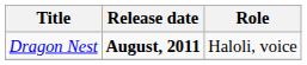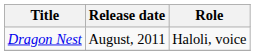 <table class="wikitable">
 <tr>
 <th>Title</th>
 <th>Release date</th>
 <th>Role</th>
 </tr>
 <tr>
 <td><em><a href='#'>Dragon Nest</a></em></td>
-<td><strong>August, 2011</strong></td>
+<td>August, 2011</td>
 <td>Haloli, voice</td>
 </tr>
 <tr>
 </tr>
 </table>
